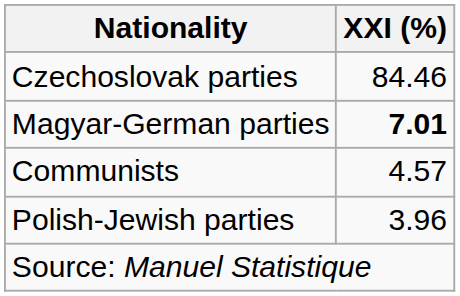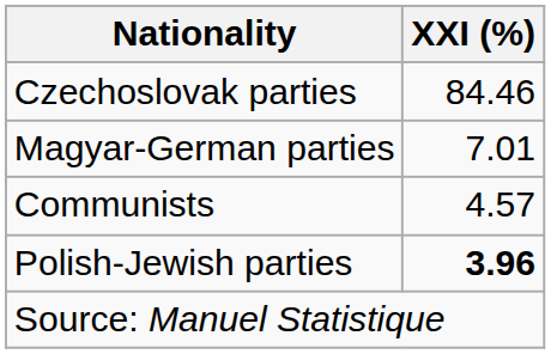 <table class=wikitable style=text-align:right>
 <tr>
 <th>Nationality</th>
 <th>XXI (%)</th>
 </tr>
 <tr>
 <td align=left>Czechoslovak parties</td>
 <td>84.46</td>
 </tr>
 <tr>
 <td align=left>Magyar-German parties</td>
-<td><strong>7.01</strong></td>
+<td>7.01</td>
 </tr>
 <tr>
 <td align=left>Communists</td>
 <td>4.57</td>
 </tr>
 <tr>
 <td align=left>Polish-Jewish parties</td>
-<td>3.96</td>
+<td><strong>3.96</strong></td>
 </tr>
 <tr>
 <td align=left colspan=2>Source: <em>Manuel Statistique</em></td>
 </tr>
 </table>
